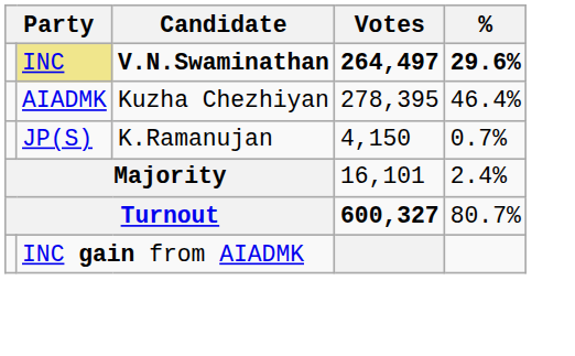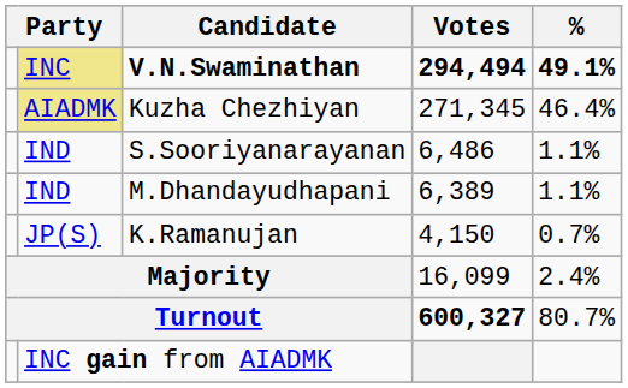 <table class="wikitable">
 <tr>
 <th colspan="2">Party</th>
 <th>Candidate</th>
 <th>Votes</th>
 <th>%</th>
 </tr>
 <tr>
 <td></td>
 <td style="background: khaki;"><a href='#'>INC</a></td>
 <td><strong>V.N.Swaminathan</strong></td>
-<td><strong>264,497</strong></td>
-<td><strong>29.6%</strong></td>
+<td><strong>294,494</strong></td>
+<td><strong>49.1%</strong></td>
 </tr>
 <tr>
 <td></td>
-<td><a href='#'>AIADMK</a></td>
+<td style="background: khaki;"><a href='#'>AIADMK</a></td>
 <td>Kuzha Chezhiyan</td>
-<td>278,395</td>
+<td>271,345</td>
 <td>46.4%</td>
+</tr>
+<tr>
+<td></td>
+<td><a href='#'>IND</a></td>
+<td>S.Sooriyanarayanan</td>
+<td>6,486</td>
+<td>1.1%</td>
+</tr>
+<tr>
+<td></td>
+<td><a href='#'>IND</a></td>
+<td>M.Dhandayudhapani</td>
+<td>6,389</td>
+<td>1.1%</td>
 </tr>
 <tr>
 <td></td>
 <td><a href='#'>JP(S)</a></td>
 <td>K.Ramanujan</td>
 <td>4,150</td>
 <td>0.7%</td>
 </tr>
 <tr>
 <th colspan="3">Majority</th>
-<td>16,101</td>
+<td>16,099</td>
 <td>2.4%</td>
 </tr>
 <tr>
 <th colspan="3"><a href='#'>Turnout</a></th>
 <td><strong>600,327</strong></td>
 <td>80.7%</td>
 </tr>
 <tr>
 <td></td>
 <td colspan="2"><a href='#'>INC</a> <strong>gain</strong> from <a href='#'>AIADMK</a></td>
 <th></th>
 <td></td>
 </tr>
 </table>
